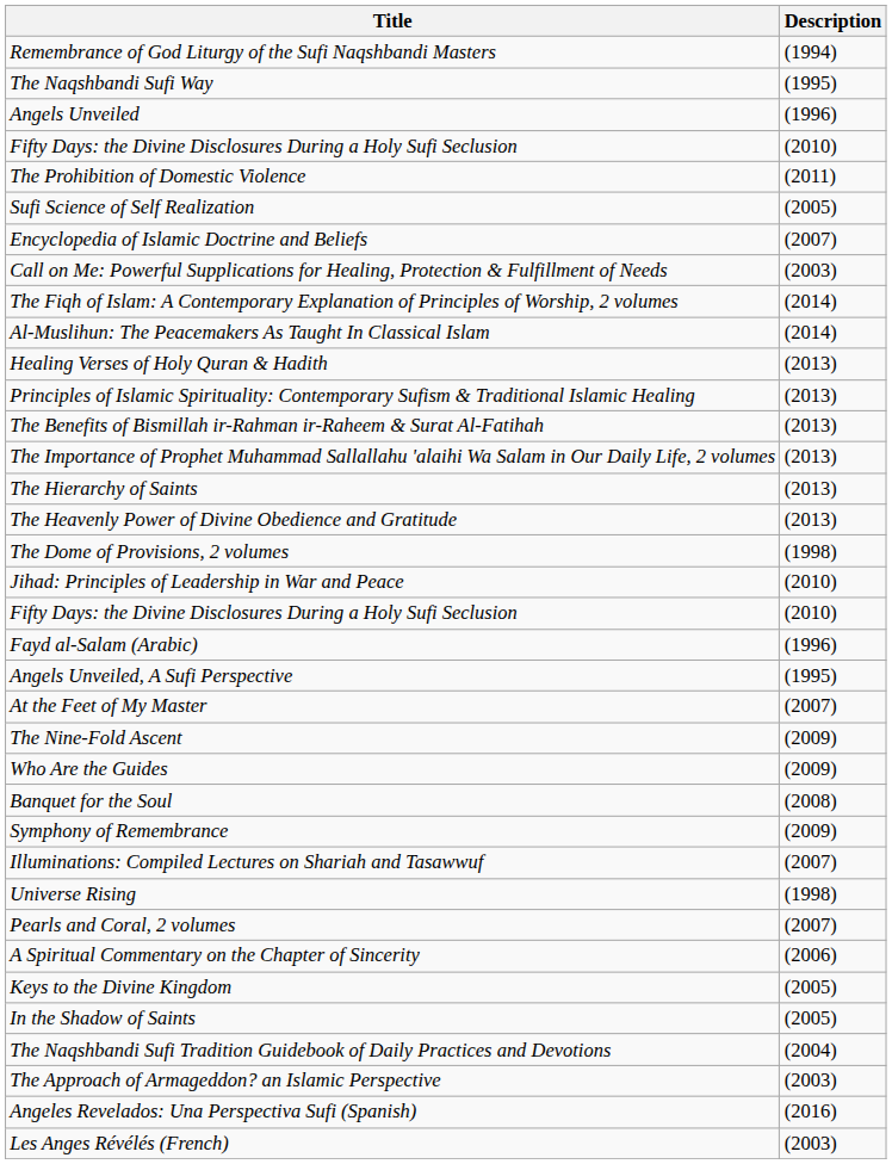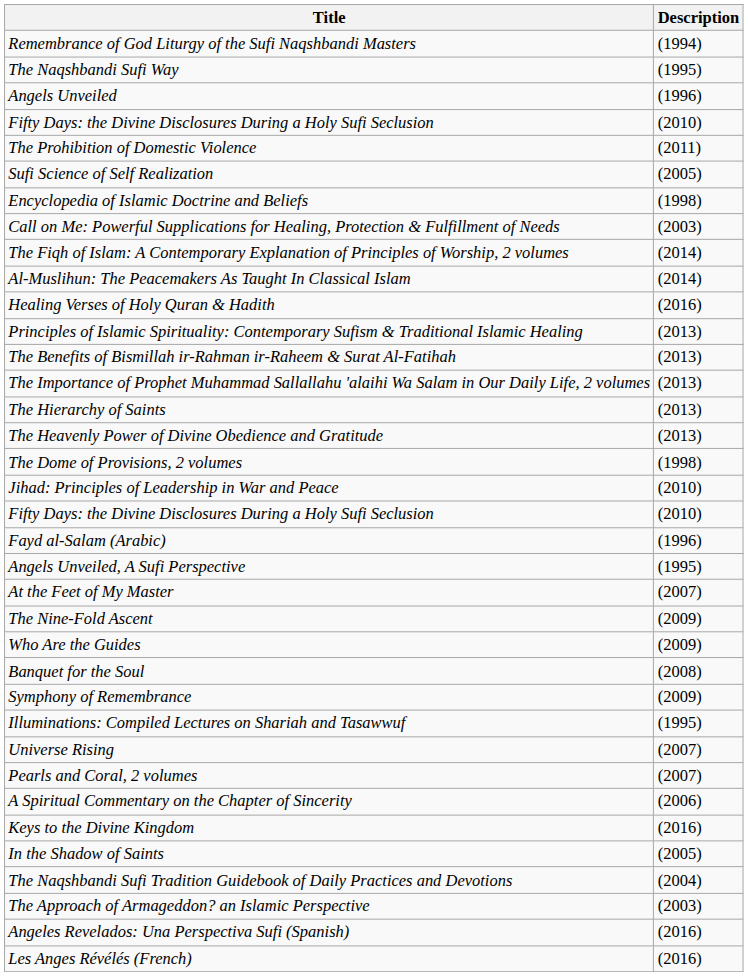 <table class="wikitable">
 <tr>
 <th>Title</th>
 <th>Description</th>
 </tr>
 <tr>
 <td><em>Remembrance of God Liturgy of the Sufi Naqshbandi Masters</em></td>
 <td> (1994)</td>
 </tr>
 <tr>
 <td><em>The Naqshbandi Sufi Way</em></td>
 <td> (1995)</td>
 </tr>
 <tr>
 <td><em>Angels Unveiled</em></td>
 <td> (1996)</td>
 </tr>
 <tr>
 <td><em>Fifty Days: the Divine Disclosures During a Holy Sufi Seclusion</em></td>
 <td> (2010)</td>
 </tr>
 <tr>
 <td><em>The Prohibition of Domestic Violence</em></td>
 <td> (2011)</td>
 </tr>
 <tr>
 <td><em>Sufi Science of Self Realization</em></td>
 <td> (2005)</td>
 </tr>
 <tr>
 <td><em>Encyclopedia of Islamic Doctrine and Beliefs</em></td>
-<td> (2007)</td>
+<td> (1998)</td>
 </tr>
 <tr>
 <td><em>Call on Me: Powerful Supplications for Healing, Protection & Fulfillment of Needs</em></td>
 <td> (2003)</td>
 </tr>
 <tr>
 <td><em>The Fiqh of Islam: A Contemporary Explanation of Principles of Worship,  2 volumes</em></td>
 <td> (2014)</td>
 </tr>
 <tr>
 <td><em>Al-Muslihun: The Peacemakers As Taught In Classical Islam</em></td>
 <td> (2014)</td>
 </tr>
 <tr>
 <td><em>Healing Verses of Holy Quran & Hadith</em></td>
-<td> (2013)</td>
+<td> (2016)</td>
 </tr>
 <tr>
 <td><em>Principles of Islamic Spirituality: Contemporary Sufism & Traditional Islamic Healing</em></td>
 <td> (2013)</td>
 </tr>
 <tr>
 <td><em>The Benefits of Bismillah ir-Rahman ir-Raheem & Surat Al-Fatihah</em></td>
 <td> (2013)</td>
 </tr>
 <tr>
 <td><em>The Importance of Prophet Muhammad Sallallahu 'alaihi Wa Salam in Our Daily Life, 2 volumes</em></td>
 <td> (2013)</td>
 </tr>
 <tr>
 <td><em>The Hierarchy of Saints</em></td>
 <td> (2013)</td>
 </tr>
 <tr>
 <td><em>The Heavenly Power of Divine Obedience and Gratitude</em></td>
 <td> (2013)</td>
 </tr>
 <tr>
 <td><em>The Dome of Provisions, 2 volumes</em></td>
 <td> (1998)</td>
 </tr>
 <tr>
 <td><em>Jihad: Principles of Leadership in War and Peace</em></td>
 <td> (2010)</td>
 </tr>
 <tr>
 <td><em>Fifty Days: the Divine Disclosures During a Holy Sufi Seclusion</em></td>
 <td> (2010)</td>
 </tr>
 <tr>
 <td><em>Fayd al-Salam (Arabic)</em></td>
 <td> (1996)</td>
 </tr>
 <tr>
 <td><em>Angels Unveiled, A Sufi Perspective</em></td>
 <td> (1995)</td>
 </tr>
 <tr>
 <td><em>At the Feet of My Master</em></td>
 <td> (2007)</td>
 </tr>
 <tr>
 <td><em>The Nine-Fold Ascent</em></td>
 <td> (2009)</td>
 </tr>
 <tr>
 <td><em>Who Are the Guides</em></td>
 <td> (2009)</td>
 </tr>
 <tr>
 <td><em>Banquet for the Soul</em></td>
 <td> (2008)</td>
 </tr>
 <tr>
 <td><em>Symphony of Remembrance</em></td>
 <td> (2009)</td>
 </tr>
 <tr>
 <td><em>Illuminations: Compiled Lectures on Shariah and Tasawwuf</em></td>
-<td> (2007)</td>
+<td> (1995)</td>
 </tr>
 <tr>
 <td><em>Universe Rising</em></td>
-<td> (1998)</td>
+<td> (2007)</td>
 </tr>
 <tr>
 <td><em>Pearls and Coral, 2 volumes</em></td>
 <td> (2007)</td>
 </tr>
 <tr>
 <td><em>A Spiritual Commentary on the Chapter of Sincerity</em></td>
 <td> (2006)</td>
 </tr>
 <tr>
 <td><em>Keys to the Divine Kingdom</em></td>
-<td> (2005)</td>
+<td> (2016)</td>
 </tr>
 <tr>
 <td><em>In the Shadow of Saints</em></td>
 <td> (2005)</td>
 </tr>
 <tr>
 <td><em>The Naqshbandi Sufi Tradition Guidebook of Daily Practices and Devotions</em></td>
 <td> (2004)</td>
 </tr>
 <tr>
 <td><em>The Approach of Armageddon? an Islamic Perspective</em></td>
 <td> (2003)</td>
 </tr>
 <tr>
 <td><em>Angeles Revelados: Una Perspectiva Sufi (Spanish)</em></td>
 <td> (2016)</td>
 </tr>
 <tr>
 <td><em>Les Anges Révélés (French)</em></td>
-<td> (2003)</td>
+<td> (2016)</td>
 </tr>
 </table>
